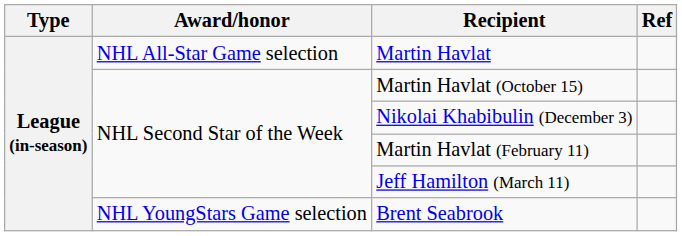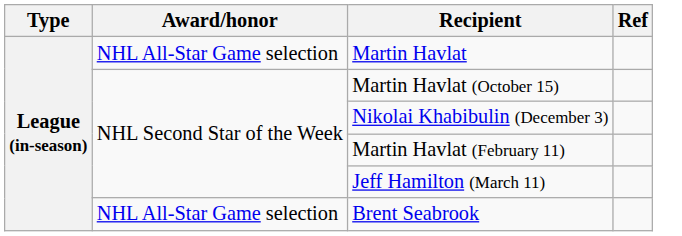 <table class="wikitable">
 <tr>
 <th scope="col">Type</th>
 <th scope="col">Award/honor</th>
 <th scope="col">Recipient</th>
 <th scope="col">Ref</th>
 </tr>
 <tr>
 <th scope="row" rowspan="7">League<br><small>(in-season)</small></th>
 <td><a href='#'>NHL All-Star Game</a> selection</td>
 <td><a href='#'>Martin Havlat</a></td>
 <td></td>
 </tr>
 <tr>
 <td rowspan="4">NHL Second Star of the Week</td>
 <td>Martin Havlat <small>(October 15)</small></td>
 <td></td>
 </tr>
 <tr>
 <td><a href='#'>Nikolai Khabibulin</a> <small>(December 3)</small></td>
 <td></td>
 </tr>
 <tr>
 <td>Martin Havlat <small>(February 11)</small></td>
 <td></td>
 </tr>
 <tr>
 <td><a href='#'>Jeff Hamilton</a> <small>(March 11)</small></td>
 <td></td>
 </tr>
 <tr>
-<td><a href='#'>NHL YoungStars Game</a> selection</td>
+<td><a href='#'>NHL All-Star Game</a> selection</td>
 <td><a href='#'>Brent Seabrook</a></td>
 <td></td>
 </tr>
 </table>
